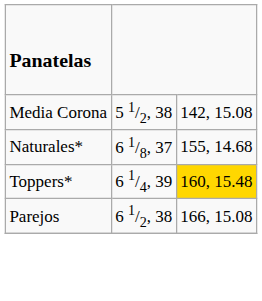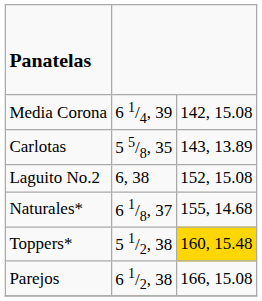 <table class="wikitable" style="font-size: 85%; margin:1em auto;">
 <tr>
 <td><br><h3>Panatelas</h3></td>
 </tr>
 <tr>
 <td>Media Corona</td>
-<td>5 <sup>1</sup>/<sub>2</sub>, 38</td>
+<td>6 <sup>1</sup>/<sub>4</sub>, 39</td>
 <td>142, 15.08</td>
+</tr>
+<tr>
+<td>Carlotas</td>
+<td>5 <sup>5</sup>/<sub>8</sub>, 35</td>
+<td>143, 13.89</td>
+</tr>
+<tr>
+<td>Laguito No.2</td>
+<td>6, 38</td>
+<td>152, 15.08</td>
 </tr>
 <tr>
 <td>Naturales*</td>
 <td>6 <sup>1</sup>/<sub>8</sub>, 37</td>
 <td>155, 14.68</td>
 </tr>
 <tr>
 <td>Toppers*</td>
-<td>6 <sup>1</sup>/<sub>4</sub>, 39</td>
+<td>5 <sup>1</sup>/<sub>2</sub>, 38</td>
 <td style="background: gold;">160, 15.48</td>
 </tr>
 <tr>
 <td>Parejos</td>
 <td>6 <sup>1</sup>/<sub>2</sub>, 38</td>
 <td>166, 15.08</td>
 </tr>
 <tr>
 </tr>
 </table>
